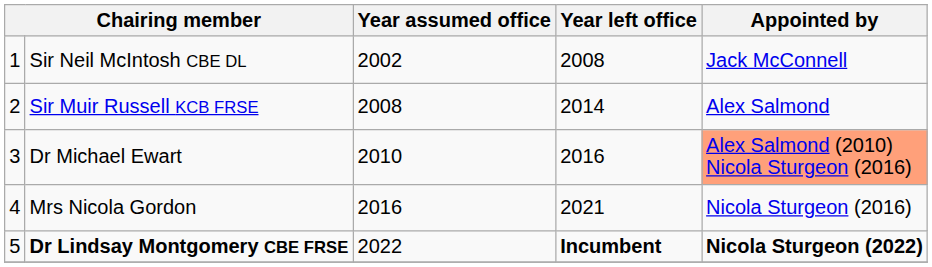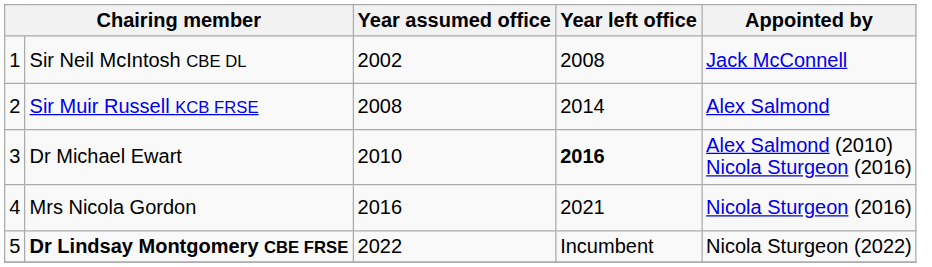 <table class="wikitable sortable" |+ Chairing members of the board>
 <tr>
 <th colspan="2">Chairing member</th>
 <th>Year assumed office</th>
 <th>Year left office</th>
 <th>Appointed by</th>
 </tr>
 <tr>
 <td style="height:30px;" data-sort-value="McIntosh, Neil">1</td>
 <td>Sir Neil McIntosh <small>CBE DL</small></td>
 <td>2002</td>
 <td>2008</td>
 <td><a href='#'>Jack McConnell</a></td>
 </tr>
 <tr>
 <td style="height:30px;" data-sort-value="Russell, Muir">2</td>
 <td><a href='#'>Sir Muir Russell <small>KCB FRSE</small></a></td>
 <td>2008</td>
 <td>2014</td>
 <td><a href='#'>Alex Salmond</a></td>
 </tr>
 <tr>
 <td style="height:30px;" data-sort-value="Ewert, Michael">3</td>
 <td>Dr Michael Ewart</td>
 <td>2010</td>
-<td>2016</td>
-<td style="background: lightsalmon;"><a href='#'>Alex Salmond</a> (2010)<br><a href='#'>Nicola Sturgeon</a> (2016)</td>
+<td><strong>2016</strong></td>
+<td><a href='#'>Alex Salmond</a> (2010)<br><a href='#'>Nicola Sturgeon</a> (2016)</td>
 </tr>
 <tr>
 <td style="height:30px;" data-sort-value="Gordon, Nicola">4</td>
 <td>Mrs Nicola Gordon</td>
 <td>2016</td>
 <td>2021</td>
 <td><a href='#'>Nicola Sturgeon</a> (2016)</td>
 </tr>
 <tr>
 <td>5</td>
 <td><strong>Dr Lindsay Montgomery <small>CBE FRSE</small></strong></td>
 <td>2022</td>
-<td><strong>Incumbent</strong></td>
-<td><strong>Nicola Sturgeon (2022)</strong></td>
+<td>Incumbent</td>
+<td>Nicola Sturgeon (2022)</td>
 </tr>
 <tr>
 </tr>
 </table>
